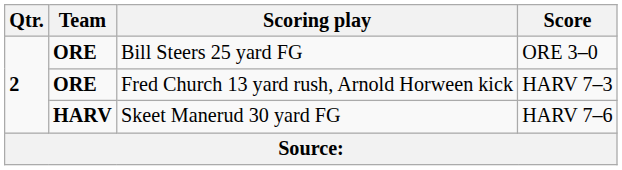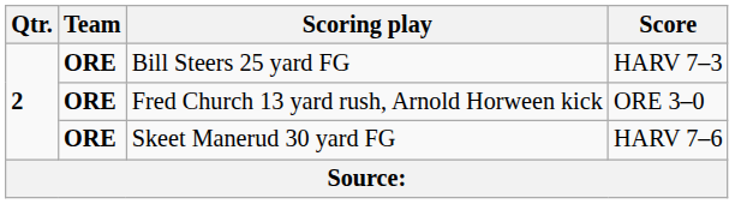 <table class="wikitable">
 <tr>
 <th>Qtr.</th>
 <th>Team</th>
 <th>Scoring play</th>
 <th>Score</th>
 </tr>
 <tr>
 <td rowspan=3><strong>2</strong></td>
 <td><strong>ORE</strong></td>
 <td>Bill Steers 25 yard FG</td>
+<td>HARV 7–3</td>
+</tr>
+<tr>
+<td><strong>ORE</strong></td>
+<td>Fred Church 13 yard rush, Arnold Horween kick</td>
 <td>ORE 3–0</td>
 </tr>
 <tr>
 <td><strong>ORE</strong></td>
-<td>Fred Church 13 yard rush, Arnold Horween kick</td>
-<td>HARV 7–3</td>
-</tr>
-<tr>
-<td><strong>HARV</strong></td>
 <td>Skeet Manerud 30 yard FG</td>
 <td>HARV 7–6</td>
 </tr>
 <tr>
 <th colspan=4>Source:</th>
 </tr>
 </table>
